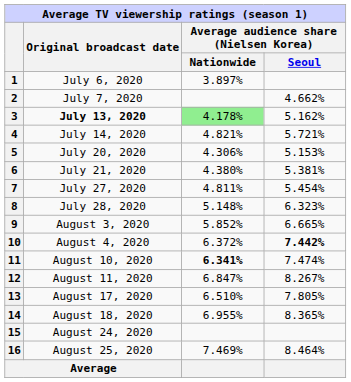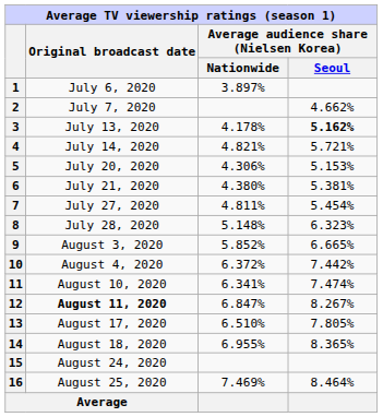 <table class="wikitable" style="text-align:center;max-width:450px; margin-left: auto; margin-right: auto; border: none;">
 <tr>
 <th colspan="6" style="background:#CDD1FF; text-align:center">Average TV viewership ratings (season 1)</th>
 </tr>
 <tr>
 <th rowspan="2"></th>
 <th rowspan="2">Original broadcast date</th>
 <th colspan="2">Average audience share<br>(Nielsen Korea)</th>
 </tr>
 <tr>
 <th width="90">Nationwide</th>
 <th width="90"><a href='#'>Seoul</a></th>
 </tr>
 <tr>
 <th>1</th>
 <td>July 6, 2020</td>
 <td>3.897%</td>
 <td></td>
 </tr>
 <tr>
 <th>2</th>
 <td>July 7, 2020</td>
 <td></td>
 <td>4.662%</td>
 </tr>
 <tr>
 <th>3</th>
-<td><strong>July 13, 2020</strong></td>
-<td style="background: lightgreen;">4.178%</td>
-<td>5.162%</td>
+<td>July 13, 2020</td>
+<td>4.178%</td>
+<td><strong>5.162%</strong></td>
 </tr>
 <tr>
 <th>4</th>
 <td>July 14, 2020</td>
 <td>4.821%</td>
 <td>5.721%</td>
 </tr>
 <tr>
 <th>5</th>
 <td>July 20, 2020</td>
 <td>4.306%</td>
 <td>5.153%</td>
 </tr>
 <tr>
 <th>6</th>
 <td>July 21, 2020</td>
 <td>4.380%</td>
 <td>5.381%</td>
 </tr>
 <tr>
 <th>7</th>
 <td>July 27, 2020</td>
 <td>4.811%</td>
 <td>5.454%</td>
 </tr>
 <tr>
 <th>8</th>
 <td>July 28, 2020</td>
 <td>5.148%</td>
 <td>6.323%</td>
 </tr>
 <tr>
 <th>9</th>
 <td>August 3, 2020</td>
 <td>5.852%</td>
 <td>6.665%</td>
 </tr>
 <tr>
 <th>10</th>
 <td>August 4, 2020</td>
 <td>6.372%</td>
-<td><strong>7.442%</strong></td>
+<td>7.442%</td>
 </tr>
 <tr>
 <th>11</th>
 <td>August 10, 2020</td>
-<td><strong>6.341%</strong></td>
+<td>6.341%</td>
 <td>7.474%</td>
 </tr>
 <tr>
 <th>12</th>
-<td>August 11, 2020</td>
+<td><strong>August 11, 2020</strong></td>
 <td>6.847%</td>
 <td>8.267%</td>
 </tr>
 <tr>
 <th>13</th>
 <td>August 17, 2020</td>
 <td>6.510%</td>
 <td>7.805%</td>
 </tr>
 <tr>
 <th>14</th>
 <td>August 18, 2020</td>
 <td>6.955%</td>
 <td>8.365%</td>
 </tr>
 <tr>
 <th>15</th>
 <td>August 24, 2020</td>
 <td></td>
 <td></td>
 </tr>
 <tr>
 <th>16</th>
 <td>August 25, 2020</td>
 <td>7.469%</td>
 <td>8.464%</td>
 </tr>
 <tr>
 <th colspan="2">Average</th>
 <th></th>
 <th></th>
 </tr>
 </table>
